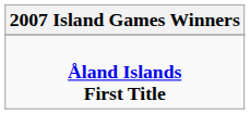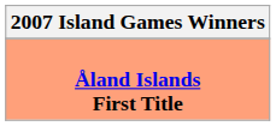 <table class="wikitable" style="text-align: center; margin: 0 auto;">
 <tr>
 <th>2007 Island Games Winners</th>
 </tr>
 <tr>
 </tr>
 <tr>
-<td><br><strong><a href='#'>Åland Islands</a></strong><br><strong>First Title</strong></td>
+<td style="background: lightsalmon;"><br><strong><a href='#'>Åland Islands</a></strong><br><strong>First Title</strong></td>
 </tr>
 </table>
